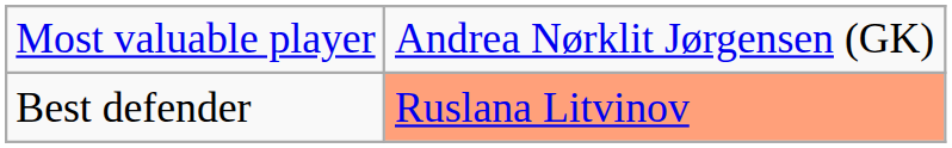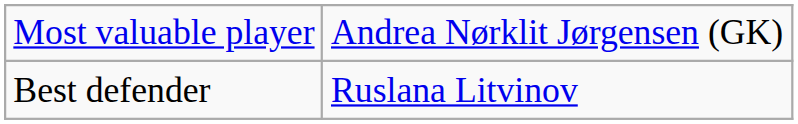 <table class="wikitable">
 <tr>
 <td><a href='#'>Most valuable player</a></td>
 <td> <a href='#'>Andrea Nørklit Jørgensen</a> (GK)</td>
 </tr>
 <tr>
 <td>Best defender</td>
-<td style="background: lightsalmon;"> <a href='#'>Ruslana Litvinov</a></td>
+<td> <a href='#'>Ruslana Litvinov</a></td>
 </tr>
 </table>
